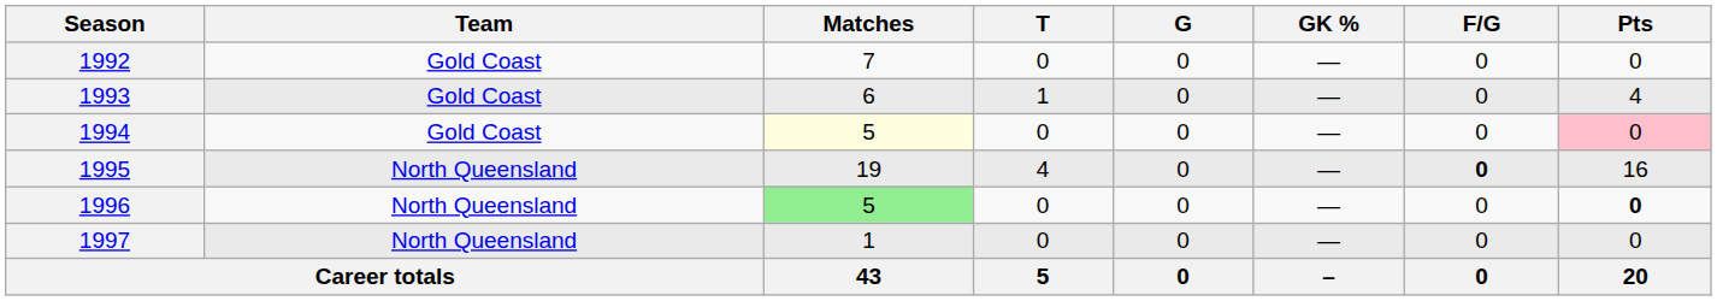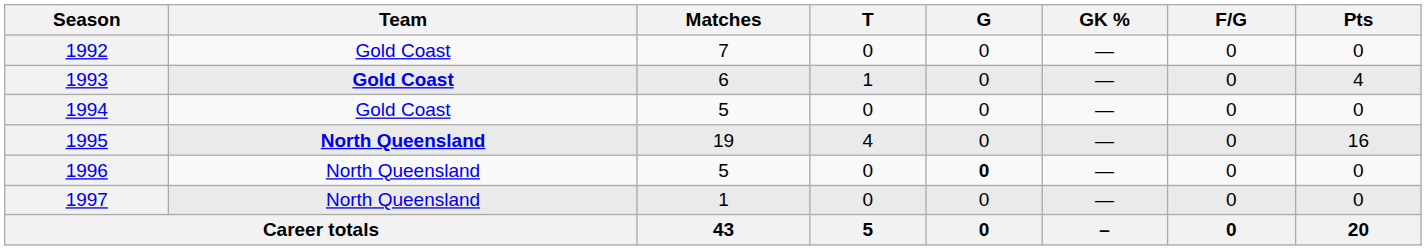 <table class="wikitable sortable"  style="font-size:90%; text-align:center; width:85%;">
 <tr>
 <th width=2%>Season</th>
 <th width=8%>Team</th>
 <th width=2%>Matches</th>
 <th width=2%>T</th>
 <th width=2%>G</th>
 <th width=2%>GK %</th>
 <th width=2%>F/G</th>
 <th width=2%>Pts</th>
 </tr>
 <tr>
 <th scope="row" style="text-align:center; font-weight:normal"><a href='#'>1992</a></th>
 <td style="text-align:center;"> <a href='#'>Gold Coast</a></td>
 <td>7</td>
 <td>0</td>
 <td>0</td>
 <td>—</td>
 <td>0</td>
 <td>0</td>
 </tr>
 <tr style="background-color: #EAEAEA">
 <th scope="row" style="text-align:center; font-weight:normal"><a href='#'>1993</a></th>
-<td style="text-align:center;"> <a href='#'>Gold Coast</a></td>
+<td style="text-align:center;"><strong> <a href='#'>Gold Coast</a></strong></td>
 <td>6</td>
 <td>1</td>
 <td>0</td>
 <td>—</td>
 <td>0</td>
 <td>4</td>
 </tr>
 <tr>
 <th scope="row" style="text-align:center; font-weight:normal"><a href='#'>1994</a></th>
 <td style="text-align:center;"> <a href='#'>Gold Coast</a></td>
-<td style="background: lightyellow;">5</td>
+<td>5</td>
 <td>0</td>
 <td>0</td>
 <td>—</td>
 <td>0</td>
-<td style="background: pink;">0</td>
+<td>0</td>
 </tr>
 <tr style="background-color: #EAEAEA">
 <th scope="row" style="text-align:center; font-weight:normal"><a href='#'>1995</a></th>
-<td style="text-align:center;"> <a href='#'>North Queensland</a></td>
+<td style="text-align:center;"><strong> <a href='#'>North Queensland</a></strong></td>
 <td>19</td>
 <td>4</td>
 <td>0</td>
 <td>—</td>
-<td><strong>0</strong></td>
+<td>0</td>
 <td>16</td>
 </tr>
 <tr>
 <th scope="row" style="text-align:center; font-weight:normal"><a href='#'>1996</a></th>
 <td style="text-align:center;"> <a href='#'>North Queensland</a></td>
-<td style="background: lightgreen;">5</td>
+<td>5</td>
+<td>0</td>
+<td><strong>0</strong></td>
+<td>—</td>
 <td>0</td>
 <td>0</td>
-<td>—</td>
-<td>0</td>
-<td><strong>0</strong></td>
 </tr>
 <tr style="background-color: #EAEAEA">
 <th scope="row" style="text-align:center; font-weight:normal"><a href='#'>1997</a></th>
 <td style="text-align:center;"> <a href='#'>North Queensland</a></td>
 <td>1</td>
 <td>0</td>
 <td>0</td>
 <td>—</td>
 <td>0</td>
 <td>0</td>
 </tr>
 <tr class="sortbottom">
 <th colspan=2>Career totals</th>
 <th>43</th>
 <th>5</th>
 <th>0</th>
 <th>–</th>
 <th>0</th>
 <th>20</th>
 </tr>
 </table>
